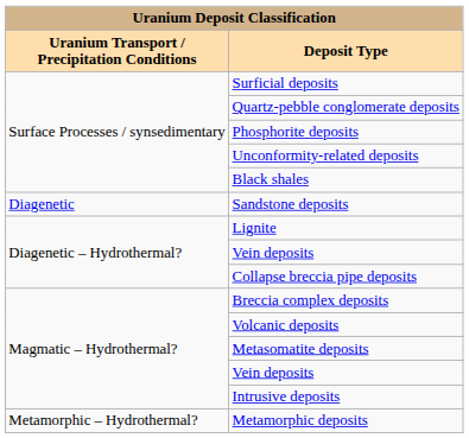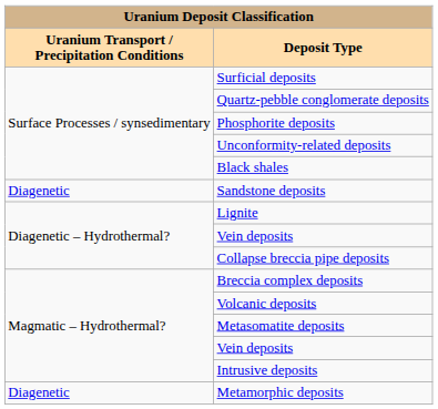 <table class="wikitable" style="float:left;">
 <tr>
 <th colspan="2"  style="background:tan; text-align:center;">Uranium Deposit Classification</th>
 </tr>
 <tr>
 <th style="background:#ffdead;">Uranium Transport /<br> Precipitation Conditions</th>
 <th style="background:#ffdead;">Deposit Type</th>
 </tr>
 <tr>
 <td rowspan="5">Surface Processes / synsedimentary</td>
 <td><a href='#'>Surficial deposits</a></td>
 </tr>
 <tr>
 <td><a href='#'>Quartz-pebble conglomerate deposits</a></td>
 </tr>
 <tr>
 <td><a href='#'>Phosphorite deposits</a></td>
 </tr>
 <tr>
 <td><a href='#'>Unconformity-related deposits</a></td>
 </tr>
 <tr>
 <td><a href='#'>Black shales</a></td>
 </tr>
 <tr>
 <td><a href='#'>Diagenetic</a></td>
 <td><a href='#'>Sandstone deposits</a></td>
 </tr>
 <tr>
 <td rowspan="3">Diagenetic – Hydrothermal?</td>
 <td><a href='#'>Lignite</a></td>
 </tr>
 <tr>
 <td><a href='#'>Vein deposits</a></td>
 </tr>
 <tr>
 <td><a href='#'>Collapse breccia pipe deposits</a></td>
 </tr>
 <tr>
 <td rowspan="5">Magmatic – Hydrothermal?</td>
 <td><a href='#'>Breccia complex deposits</a></td>
 </tr>
 <tr>
 <td><a href='#'>Volcanic deposits</a></td>
 </tr>
 <tr>
 <td><a href='#'>Metasomatite deposits</a></td>
 </tr>
 <tr>
 <td><a href='#'>Vein deposits</a></td>
 </tr>
 <tr>
 <td><a href='#'>Intrusive deposits</a></td>
 </tr>
 <tr>
-<td>Metamorphic – Hydrothermal?</td>
+<td><a href='#'>Diagenetic</a></td>
 <td><a href='#'>Metamorphic deposits</a></td>
 </tr>
 </table>
